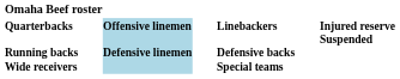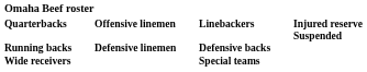 <table class="toccolours" style="text-align: left;" id="Roster">
 <tr>
 <th colspan="7">Omaha Beef roster</th>
 </tr>
 <tr>
 <td style="font-size: 95%;vertical-align:top;"><strong>Quarterbacks</strong><br><br><strong>Running backs</strong>  <br><strong>Wide receivers</strong>      </td>
 <td style="width: 25px;"></td>
-<td style="background: lightblue; font-size: 95%;vertical-align:top;"><strong>Offensive linemen</strong><br>    <br><strong>Defensive linemen</strong>    </td>
+<td style="font-size: 95%;vertical-align:top;"><strong>Offensive linemen</strong><br>    <br><strong>Defensive linemen</strong>    </td>
 <td style="width: 25px;"></td>
 <td style="font-size: 95%;vertical-align:top;"><strong>Linebackers</strong><br><br><strong>Defensive backs</strong>     <br><strong>Special teams</strong> </td>
 <td style="width: 25px;"></td>
 <td style="font-size: 95%;vertical-align:top;"><strong>Injured reserve</strong><br>  <strong>Suspended</strong>  <br></td>
 </tr>
 </table>
